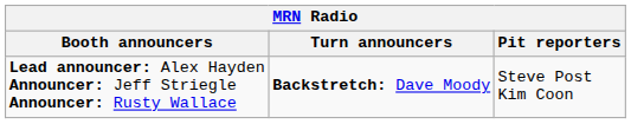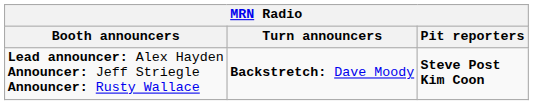 <table class="wikitable" style="font-size: 95%">
 <tr>
 <th colspan="3"><a href='#'>MRN</a> Radio</th>
 </tr>
 <tr>
 <th>Booth announcers</th>
 <th>Turn announcers</th>
 <th>Pit reporters</th>
 </tr>
 <tr>
 <td><strong>Lead announcer:</strong> Alex Hayden<br><strong>Announcer:</strong> Jeff Striegle<br><strong>Announcer:</strong> <a href='#'>Rusty Wallace</a></td>
 <td><strong>Backstretch:</strong> <a href='#'>Dave Moody</a></td>
-<td>Steve Post<br>Kim Coon</td>
+<td><strong>Steve Post<br>Kim Coon</strong></td>
 </tr>
 </table>
